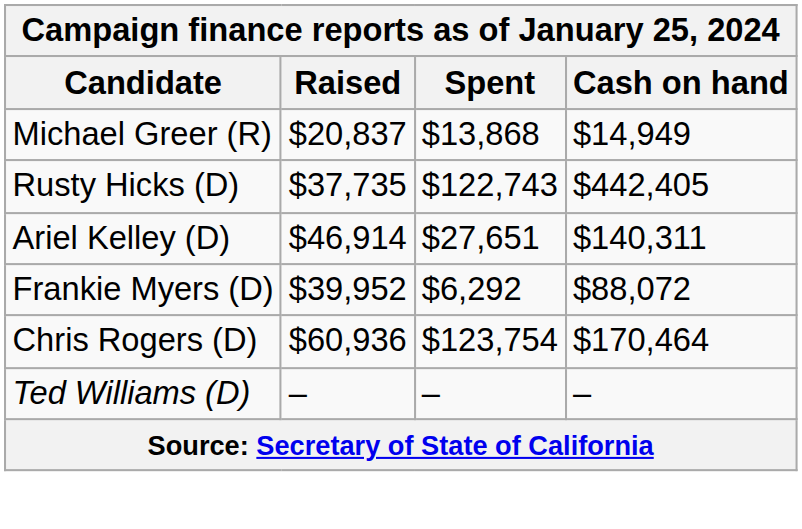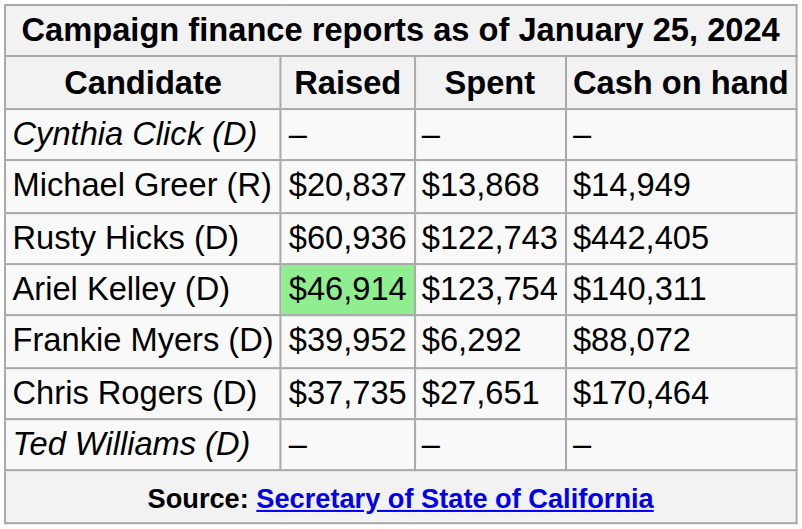 <table class="wikitable sortable">
 <tr>
 <th colspan=4>Campaign finance reports as of January 25, 2024</th>
 </tr>
 <tr style="text-align:center;">
 <th>Candidate</th>
 <th>Raised</th>
 <th>Spent</th>
 <th>Cash on hand</th>
 </tr>
 <tr>
+<td style="color:black;background-color:"><em>Cynthia Click (D)</em></td>
+<td>–</td>
+<td>–</td>
+<td>–</td>
+</tr>
+<tr>
 <td style="background-color:">Michael Greer (R)</td>
 <td>$20,837</td>
 <td>$13,868</td>
 <td>$14,949</td>
 </tr>
 <tr>
 <td style="color:black;background-color:">Rusty Hicks (D)</td>
-<td>$37,735</td>
+<td>$60,936</td>
 <td>$122,743</td>
 <td>$442,405</td>
 </tr>
 <tr>
 <td style="color:black;background-color:">Ariel Kelley (D)</td>
-<td>$46,914</td>
-<td>$27,651</td>
+<td style="background: lightgreen;">$46,914</td>
+<td>$123,754</td>
 <td>$140,311</td>
 </tr>
 <tr>
 <td style="color:black;background-color:">Frankie Myers (D)</td>
 <td>$39,952</td>
 <td>$6,292</td>
 <td>$88,072</td>
 </tr>
 <tr>
 <td style="color:black;background-color:">Chris Rogers (D)</td>
-<td>$60,936</td>
-<td>$123,754</td>
+<td>$37,735</td>
+<td>$27,651</td>
 <td>$170,464</td>
 </tr>
 <tr>
 <td style="color:black;background-color:"><em>Ted Williams (D)</em></td>
 <td>–</td>
 <td>–</td>
 <td>–</td>
 </tr>
 <tr>
 <th colspan="4"><small>Source: <a href='#'>Secretary of State of California</a></small></th>
 </tr>
 </table>
